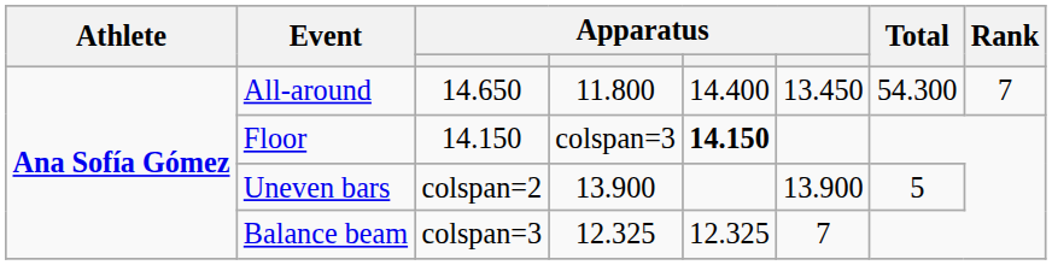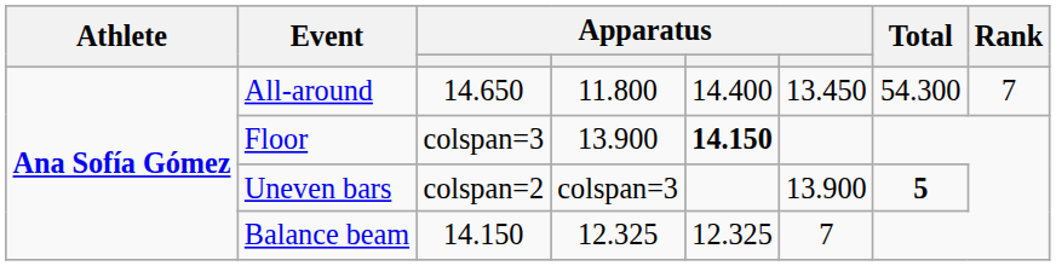 <table class="wikitable" style="font-size:90%">
 <tr>
 <th rowspan=2>Athlete</th>
 <th rowspan=2>Event</th>
 <th colspan=4>Apparatus</th>
 <th rowspan=2>Total</th>
 <th rowspan=2>Rank</th>
 </tr>
 <tr style="font-size:95%">
 <th></th>
 <th></th>
 <th></th>
 <th></th>
 </tr>
 <tr align=center>
 <td align=left rowspan=4><strong><a href='#'>Ana Sofía Gómez</a></strong></td>
 <td align=left><a href='#'>All-around</a></td>
 <td>14.650</td>
 <td>11.800</td>
 <td>14.400</td>
 <td>13.450</td>
 <td>54.300</td>
 <td>7</td>
 </tr>
 <tr align=center>
 <td align=left><a href='#'>Floor</a></td>
-<td>14.150</td>
 <td>colspan=3 </td>
+<td>13.900</td>
 <td><strong>14.150</strong></td>
 <td></td>
 </tr>
 <tr align=center>
 <td align=left><a href='#'>Uneven bars</a></td>
 <td>colspan=2 </td>
-<td>13.900</td>
+<td>colspan=3 </td>
 <td></td>
 <td>13.900</td>
-<td>5</td>
+<td><strong>5</strong></td>
 </tr>
 <tr align=center>
 <td align=left><a href='#'>Balance beam</a></td>
-<td>colspan=3 </td>
+<td>14.150</td>
 <td>12.325</td>
 <td>12.325</td>
 <td>7</td>
 </tr>
 </table>
